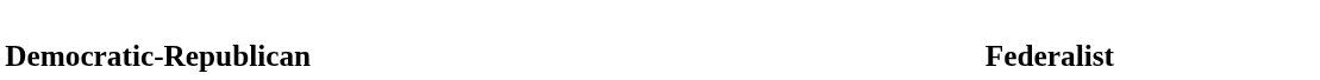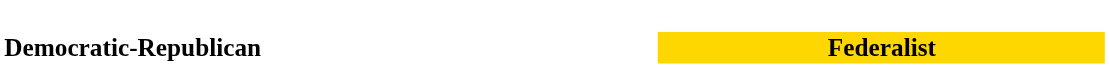 <table style="width:60%; text-align:center">
 <tr style="color:white">
 <td style="background:"><strong>94</strong></td>
 <td style="background:"><strong>48</strong></td>
 </tr>
 <tr>
 <td><span><strong>Democratic-Republican</strong></span></td>
-<td><span><strong>Federalist</strong></span></td>
+<td style="background: gold;"><span><strong>Federalist</strong></span></td>
 </tr>
 </table>
